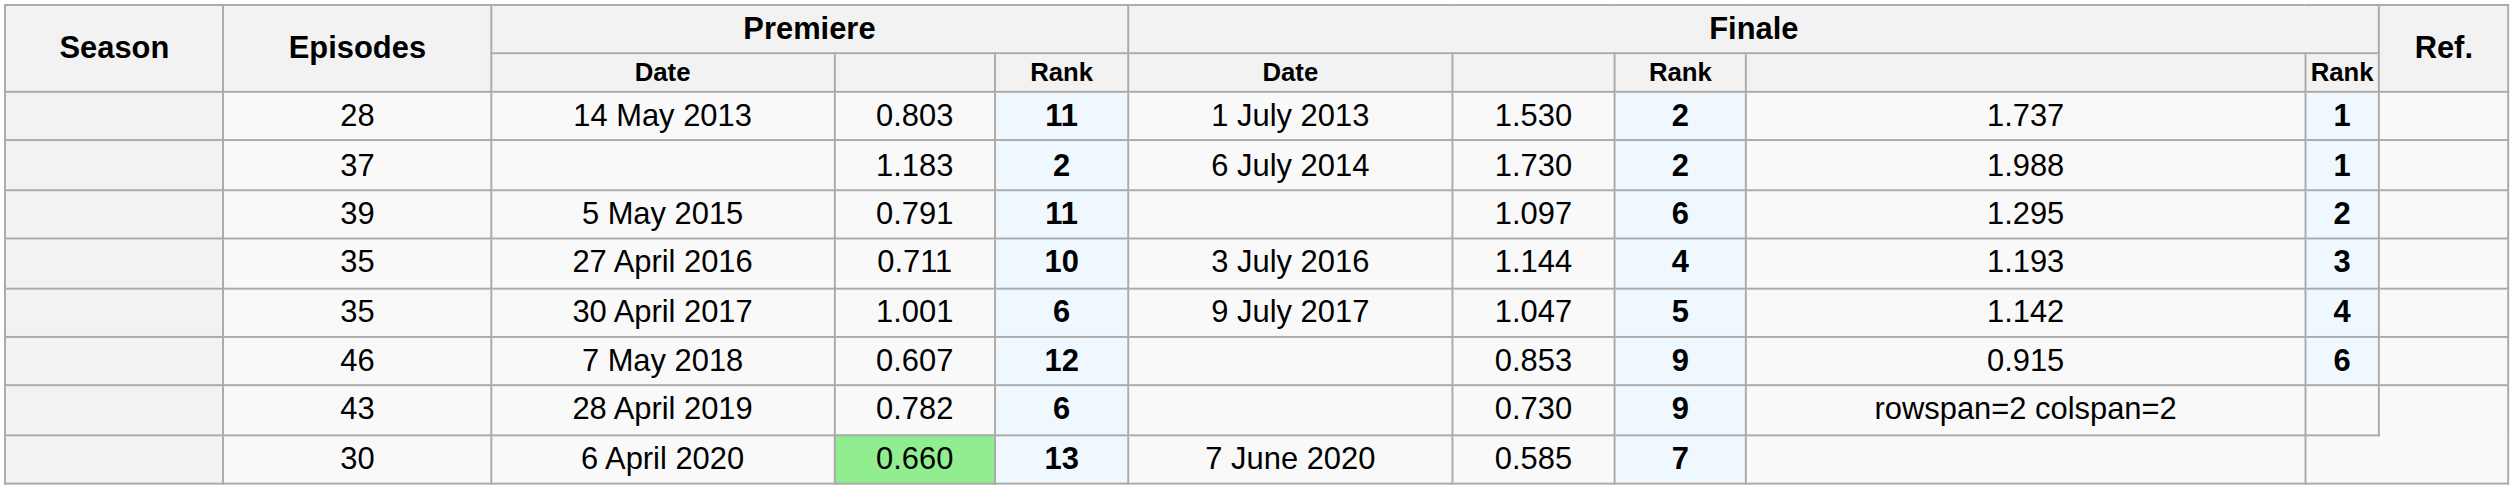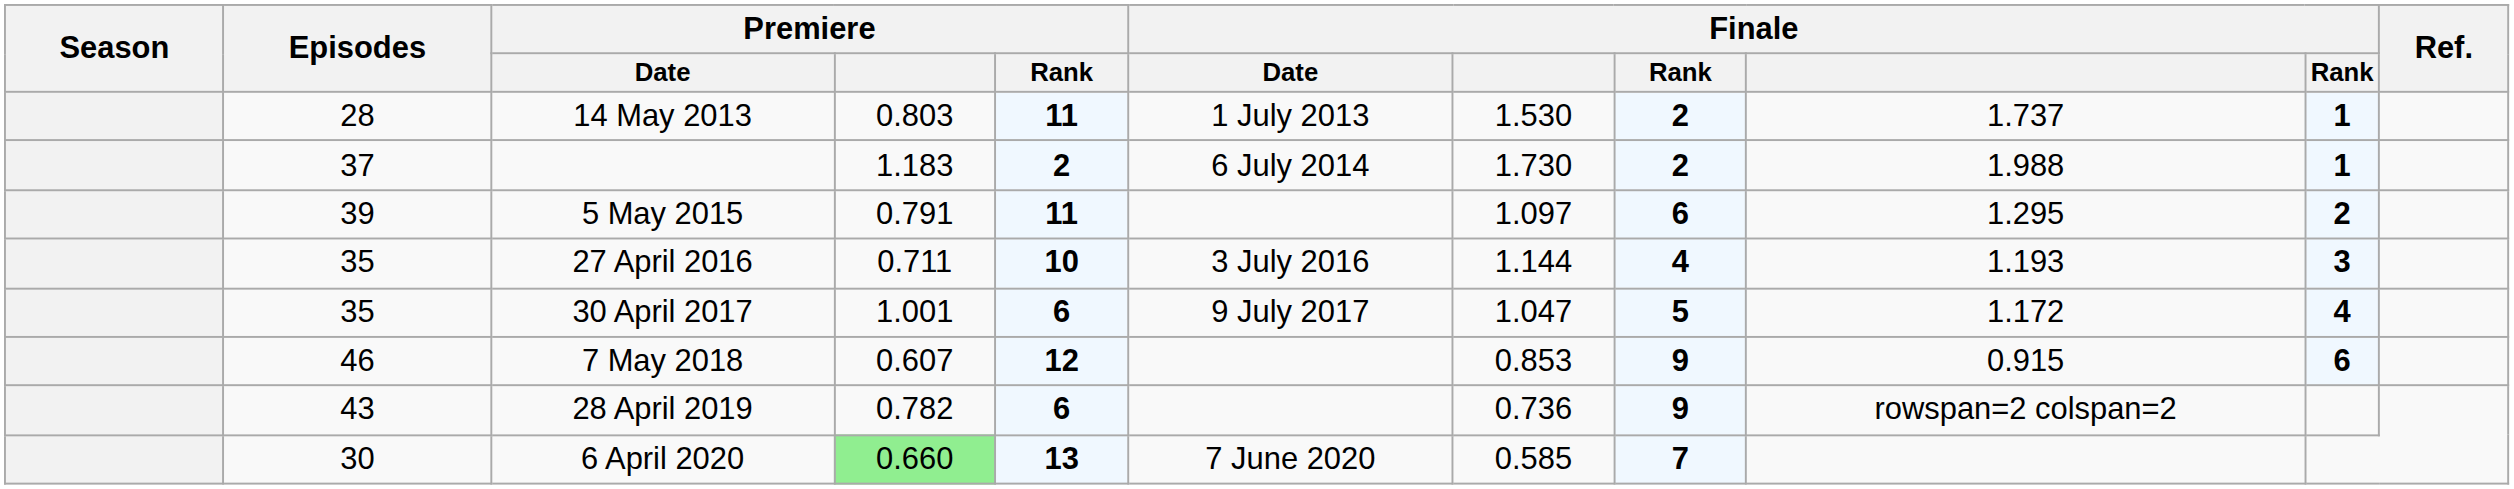 <table class="wikitable" style="text-align:center;">
 <tr>
 <th rowspan="2">Season</th>
 <th rowspan="2">Episodes</th>
 <th colspan="3">Premiere</th>
 <th colspan="5">Finale</th>
 <th rowspan="2">Ref.</th>
 </tr>
 <tr>
 <th style="font-size:smaller; line-height:100%;" span>Date</th>
 <th style="font-size:smaller; line-height:100%;" span></th>
 <th style="font-size:smaller; line-height:100%;" span>Rank</th>
 <th style="font-size:smaller; line-height:100%;" span>Date</th>
 <th style="font-size:smaller; line-height:100%;" span></th>
 <th style="font-size:smaller; line-height:100%;" span>Rank</th>
 <th style="font-size:smaller; line-height:100%;" span><br></th>
 <th style="width:3%; font-size:smaller; line-height:100%;" span>Rank</th>
 </tr>
 <tr>
 <th scope="row"></th>
 <td>28</td>
 <td>14 May 2013</td>
 <td>0.803</td>
 <td style="background:#F0F8FF"><strong>11</strong></td>
 <td>1 July 2013</td>
 <td>1.530</td>
 <td style="background:#F0F8FF"><strong>2</strong></td>
 <td>1.737</td>
 <td style="background:#F0F8FF"><strong>1</strong></td>
 <td></td>
 </tr>
 <tr>
 <th scope="row"></th>
 <td>37</td>
 <td></td>
 <td>1.183</td>
 <td style="background:#F0F8FF"><strong>2</strong></td>
 <td>6 July 2014</td>
 <td>1.730</td>
 <td style="background:#F0F8FF"><strong>2</strong></td>
 <td>1.988</td>
 <td style="background:#F0F8FF"><strong>1</strong></td>
 <td></td>
 </tr>
 <tr>
 <th scope="row"></th>
 <td>39</td>
 <td>5 May 2015</td>
 <td>0.791</td>
 <td style="background:#F0F8FF"><strong>11</strong></td>
 <td></td>
 <td>1.097</td>
 <td style="background:#F0F8FF"><strong>6</strong></td>
 <td>1.295</td>
 <td style="background:#F0F8FF"><strong>2</strong></td>
 <td></td>
 </tr>
 <tr>
 <th scope="row"></th>
 <td>35</td>
 <td>27 April 2016</td>
 <td>0.711</td>
 <td style="background:#F0F8FF"><strong>10</strong></td>
 <td>3 July 2016</td>
 <td>1.144</td>
 <td style="background:#F0F8FF"><strong>4</strong></td>
 <td>1.193</td>
 <td style="background:#F0F8FF"><strong>3</strong></td>
 <td></td>
 </tr>
 <tr>
 <th scope="row"></th>
 <td>35</td>
 <td>30 April 2017</td>
 <td>1.001</td>
 <td style="background:#F0F8FF"><strong>6</strong></td>
 <td>9 July 2017</td>
 <td>1.047</td>
 <td style="background:#F0F8FF"><strong>5</strong></td>
-<td>1.142</td>
+<td>1.172</td>
 <td style="background:#F0F8FF"><strong>4</strong></td>
 <td></td>
 </tr>
 <tr>
 <th scope="row"></th>
 <td>46</td>
 <td>7 May 2018</td>
 <td>0.607</td>
 <td style="background:#F0F8FF"><strong>12</strong></td>
 <td></td>
 <td>0.853</td>
 <td style="background:#F0F8FF"><strong>9</strong></td>
 <td>0.915</td>
 <td style="background:#F0F8FF"><strong>6</strong></td>
 <td></td>
 </tr>
 <tr>
 <th scope="row"></th>
 <td>43</td>
 <td>28 April 2019</td>
 <td>0.782</td>
 <td style="background:#F0F8FF"><strong>6</strong></td>
 <td></td>
-<td>0.730</td>
+<td>0.736</td>
 <td style="background:#F0F8FF"><strong>9</strong></td>
 <td>rowspan=2 colspan=2 </td>
 <td></td>
 </tr>
 <tr>
 <th scope="row"></th>
 <td>30</td>
 <td>6 April 2020</td>
 <td style="background: lightgreen;">0.660</td>
 <td style="background:#F0F8FF"><strong>13</strong></td>
 <td>7 June 2020</td>
 <td>0.585</td>
 <td style="background:#F0F8FF"><strong>7</strong></td>
 <td></td>
 </tr>
 </table>
